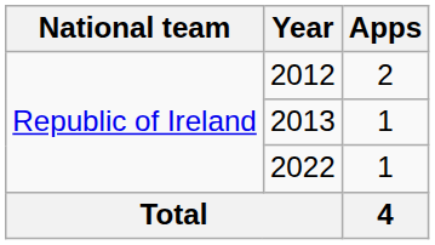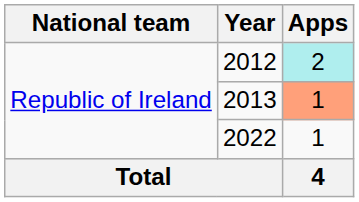 <table class="sortable wikitable" style="text-align:center">
 <tr>
 <th scope="col">National team</th>
 <th scope="col">Year</th>
 <th !scope="col">Apps</th>
 </tr>
 <tr>
 <td rowspan="3"><a href='#'>Republic of Ireland</a></td>
 <td scope="row">2012</td>
-<td>2</td>
+<td style="background: paleturquoise;">2</td>
 </tr>
 <tr>
 <td scope="row">2013</td>
-<td>1</td>
+<td style="background: lightsalmon;">1</td>
 </tr>
 <tr>
 <td scope="row">2022</td>
 <td>1</td>
 </tr>
 <tr>
 <th colspan="2">Total</th>
 <th>4</th>
 </tr>
 </table>
